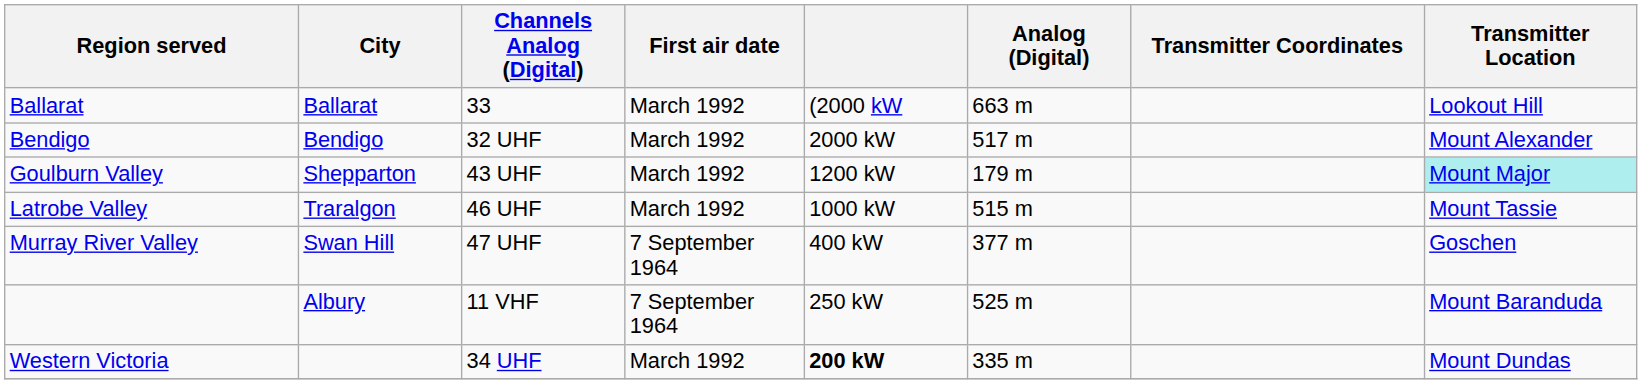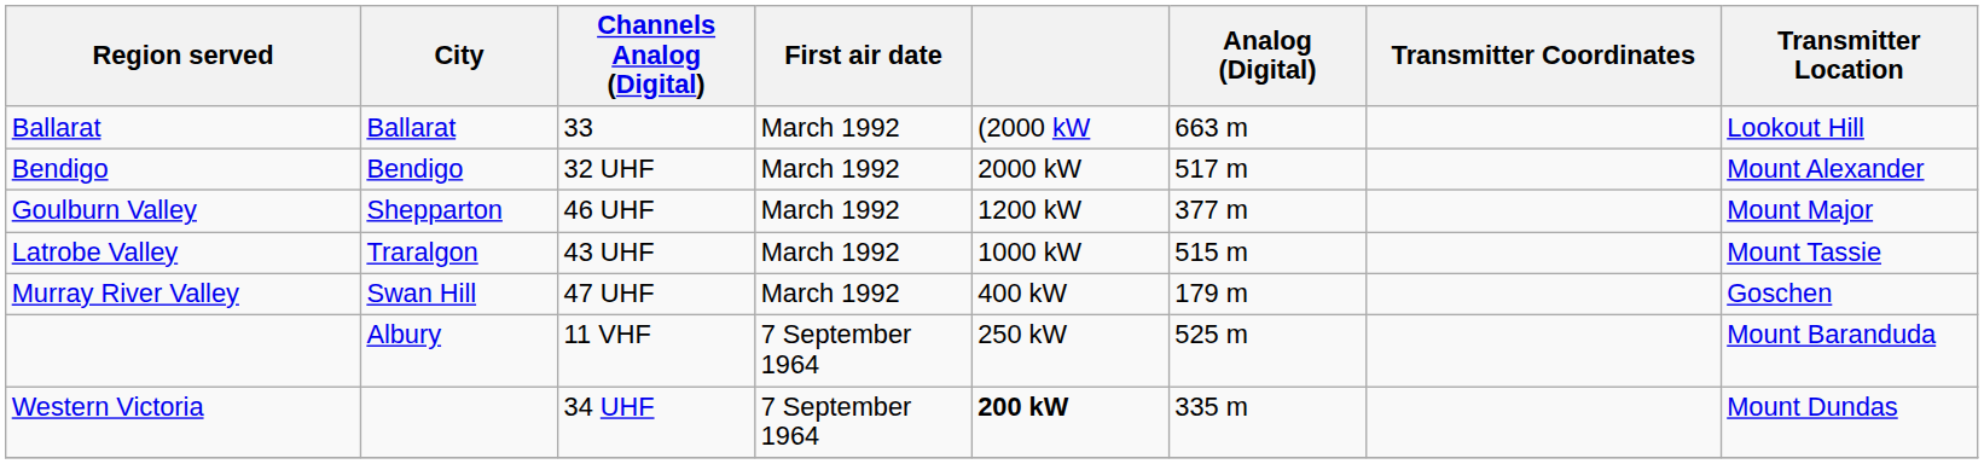 <table class="wikitable" style="max-width:95%;">
 <tr>
 <th scope="col" style="width: 18%;">Region served</th>
 <th scope="col" style="width: 10%;">City</th>
 <th scope="col" style="width: 10%;"><a href='#'>Channels</a> <a href='#'>Analog</a> (<a href='#'>Digital</a>)</th>
 <th scope="col" style="width: 11%;">First air date</th>
 <th scope="col" style="width: 10%;"> </th>
 <th scope="col" style="width: 10%;"> Analog (Digital)</th>
 <th scope="col" style="width: 18%;">Transmitter Coordinates </th>
 <th scope="col" style="width: 13%;">Transmitter Location</th>
 </tr>
 <tr style="vertical-align: top; text-align: left;">
 <td><a href='#'>Ballarat</a></td>
 <td><a href='#'>Ballarat</a></td>
 <td>33  </td>
 <td>March 1992</td>
 <td>(2000 <a href='#'>kW</a> </td>
 <td>663 m </td>
 <td></td>
 <td><a href='#'>Lookout Hill</a></td>
 </tr>
 <tr style="vertical-align: top; text-align: left;">
 <td><a href='#'>Bendigo</a></td>
 <td><a href='#'>Bendigo</a></td>
 <td>32 UHF </td>
 <td>March 1992</td>
 <td>2000 kW </td>
 <td>517 m </td>
 <td> </td>
 <td><a href='#'>Mount Alexander</a></td>
 </tr>
 <tr style="vertical-align: top; text-align: left;">
 <td><a href='#'>Goulburn Valley</a></td>
 <td><a href='#'>Shepparton</a></td>
-<td>43 UHF </td>
+<td>46 UHF </td>
 <td>March 1992</td>
 <td>1200 kW </td>
-<td>179 m </td>
+<td>377 m </td>
 <td></td>
-<td style="background: paleturquoise;"><a href='#'>Mount Major</a></td>
+<td><a href='#'>Mount Major</a></td>
 </tr>
 <tr style="vertical-align: top; text-align: left;">
 <td><a href='#'>Latrobe Valley</a></td>
 <td><a href='#'>Traralgon</a></td>
-<td>46 UHF </td>
+<td>43 UHF </td>
 <td>March 1992</td>
 <td>1000 kW </td>
 <td>515 m </td>
 <td></td>
 <td><a href='#'>Mount Tassie</a></td>
 </tr>
 <tr style="vertical-align: top; text-align: left;">
 <td><a href='#'>Murray River Valley</a></td>
 <td><a href='#'>Swan Hill</a></td>
 <td>47 UHF </td>
-<td>7 September 1964</td>
+<td>March 1992</td>
 <td>400 kW </td>
-<td>377 m </td>
+<td>179 m </td>
 <td></td>
 <td><a href='#'>Goschen</a></td>
 </tr>
 <tr style="vertical-align: top; text-align: left;">
 <td></td>
 <td><a href='#'>Albury</a></td>
 <td>11 VHF </td>
 <td>7 September 1964</td>
 <td>250 kW </td>
 <td>525 m </td>
 <td></td>
 <td><a href='#'>Mount Baranduda</a></td>
 </tr>
 <tr style="vertical-align: top; text-align: left;">
 <td><a href='#'>Western Victoria</a></td>
 <td></td>
 <td>34 <a href='#'>UHF</a> </td>
-<td>March 1992</td>
+<td>7 September 1964</td>
 <td><strong>200 kW </strong></td>
 <td>335 m </td>
 <td></td>
 <td><a href='#'>Mount Dundas</a></td>
 </tr>
 <tr style="vertical-align: top; text-align: left;">
 </tr>
 </table>
